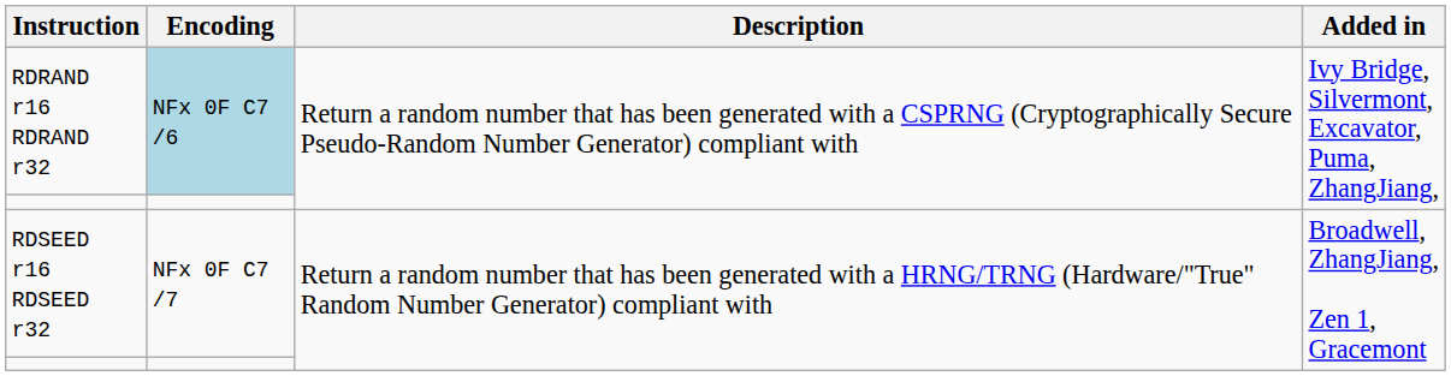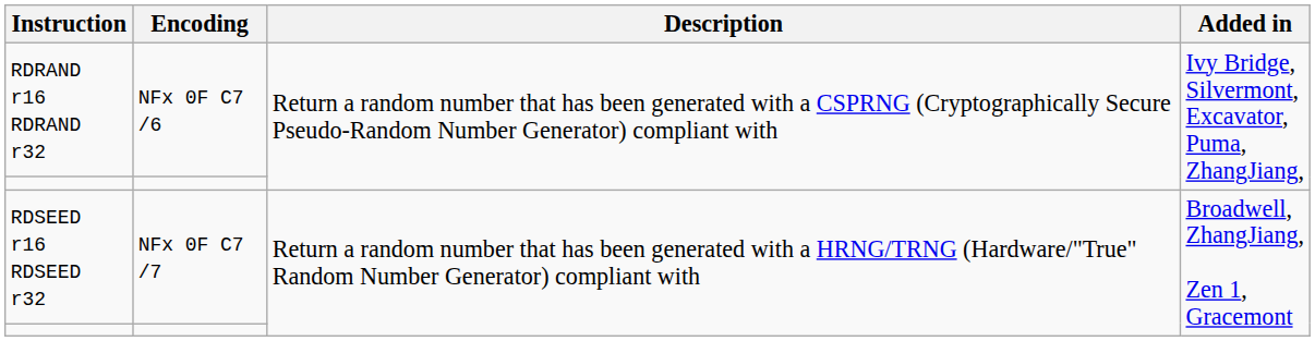 <table class="wikitable sortable">
 <tr>
 <th>Instruction</th>
 <th>Encoding</th>
 <th>Description</th>
 <th>Added in</th>
 </tr>
 <tr>
 <td><code>RDRAND r16</code><br><code>RDRAND r32</code></td>
-<td style="background: lightblue;"><code>NFx 0F C7 /6</code></td>
+<td><code>NFx 0F C7 /6</code></td>
 <td rowspan="2">Return a random number that has been generated with a <a href='#'>CSPRNG</a> (Cryptographically Secure Pseudo-Random Number Generator) compliant with </td>
 <td rowspan="2"><a href='#'>Ivy Bridge</a>,<br><a href='#'>Silvermont</a>,<br><a href='#'>Excavator</a>,<br><a href='#'>Puma</a>,<br><a href='#'>ZhangJiang</a>,<br></td>
 </tr>
 <tr>
 <td></td>
 <td></td>
 </tr>
 <tr>
 <td><code>RDSEED r16</code><br><code>RDSEED r32</code></td>
 <td><code>NFx 0F C7 /7</code></td>
 <td rowspan="2">Return a random number that has been generated with a <a href='#'>HRNG/TRNG</a> (Hardware/"True" Random Number Generator) compliant with </td>
 <td rowspan="2"><a href='#'>Broadwell</a>,<br><a href='#'>ZhangJiang</a>,<br><br><a href='#'>Zen 1</a>,<br><a href='#'>Gracemont</a></td>
 </tr>
 <tr>
 <td></td>
 <td></td>
 </tr>
 </table>
